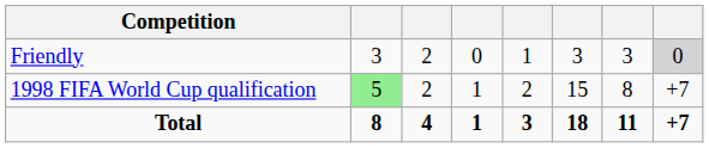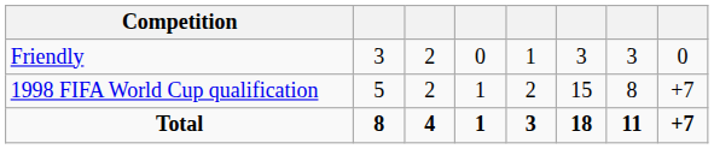 <table class="wikitable" style="text-align: center;">
 <tr>
 <th width=250>Competition</th>
 <th width=30></th>
 <th width=30></th>
 <th width=30></th>
 <th width=30></th>
 <th width=30></th>
 <th width=30></th>
 <th width=30></th>
 </tr>
 <tr>
 <td align=left><a href='#'>Friendly</a></td>
 <td>3</td>
 <td>2</td>
 <td>0</td>
 <td>1</td>
 <td>3</td>
 <td>3</td>
-<td style="background: lightgrey;">0</td>
+<td>0</td>
 </tr>
 <tr>
 <td align=left><a href='#'>1998 FIFA World Cup qualification</a></td>
-<td style="background: lightgreen;">5</td>
+<td>5</td>
 <td>2</td>
 <td>1</td>
 <td>2</td>
 <td>15</td>
 <td>8</td>
 <td>+7</td>
 </tr>
 <tr>
 <td><strong>Total</strong></td>
 <td><strong>8</strong></td>
 <td><strong>4</strong></td>
 <td><strong>1</strong></td>
 <td><strong>3</strong></td>
 <td><strong>18</strong></td>
 <td><strong>11</strong></td>
 <td><strong>+7</strong></td>
 </tr>
 </table>
